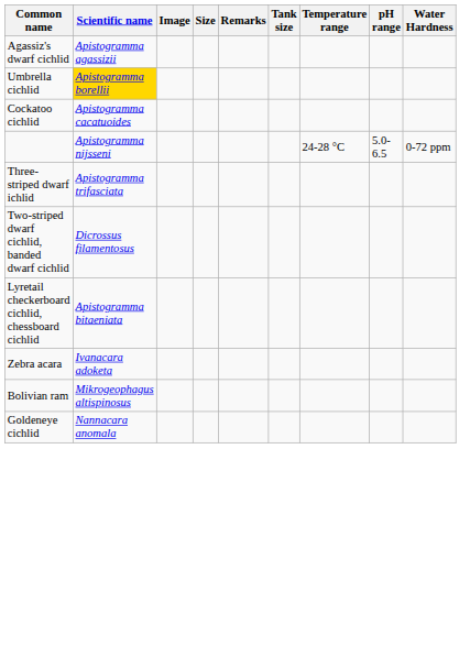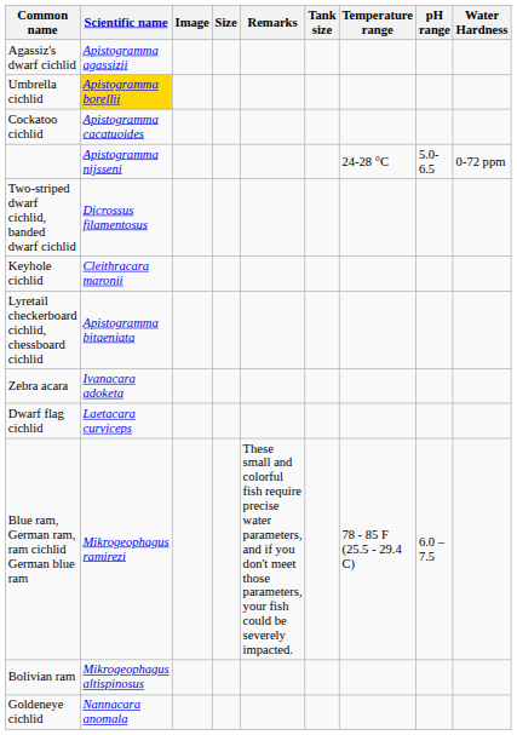 <table class="wikitable sortable">
 <tr>
 <th width="15%">Common name</th>
 <th width="15%"><a href='#'>Scientific name</a></th>
 <th width="1%">Image</th>
 <th width="5%">Size</th>
 <th width="15%">Remarks</th>
 <th>Tank size</th>
 <th class="unsortable">Temperature range</th>
 <th class="unsortable">pH range</th>
 <th>Water Hardness</th>
 </tr>
 <tr>
 <td>Agassiz's dwarf cichlid</td>
 <td><em><a href='#'>Apistogramma agassizii</a></em></td>
 <td align="center"></td>
 <td align="center"></td>
 <td></td>
 <td></td>
 <td></td>
 <td></td>
 <td></td>
 </tr>
 <tr>
 <td>Umbrella cichlid</td>
 <td style="background: gold;"><em><a href='#'>Apistogramma borellii</a></em></td>
 <td align="center"></td>
 <td align="center"></td>
 <td></td>
 <td></td>
 <td></td>
 <td></td>
 <td></td>
 </tr>
 <tr>
 <td>Cockatoo cichlid</td>
 <td><em><a href='#'>Apistogramma cacatuoides</a></em></td>
 <td align="center"></td>
 <td align="center"></td>
 <td></td>
 <td></td>
 <td></td>
 <td></td>
 <td></td>
 </tr>
 <tr>
 <td></td>
 <td><em><a href='#'>Apistogramma nijsseni</a></em></td>
 <td align="center"></td>
 <td align="center"></td>
 <td></td>
 <td></td>
 <td>24-28 °C</td>
 <td>5.0-6.5</td>
 <td>0-72 ppm</td>
 </tr>
 <tr>
-<td>Three-striped dwarf ichlid</td>
-<td><em><a href='#'>Apistogramma trifasciata</a></em></td>
+<td>Two-striped dwarf cichlid, banded dwarf cichlid</td>
+<td><em><a href='#'>Dicrossus filamentosus</a></em></td>
 <td align="center"></td>
 <td align="center"></td>
 <td></td>
 <td></td>
 <td></td>
 <td></td>
 <td></td>
 </tr>
 <tr>
-<td>Two-striped dwarf cichlid, banded dwarf cichlid</td>
-<td><em><a href='#'>Dicrossus filamentosus</a></em></td>
+<td>Keyhole cichlid</td>
+<td><em><a href='#'>Cleithracara maronii</a></em></td>
 <td align="center"></td>
 <td align="center"></td>
 <td></td>
 <td></td>
 <td></td>
 <td></td>
 <td></td>
 </tr>
 <tr>
 <td>Lyretail checkerboard cichlid, chessboard cichlid</td>
 <td><em><a href='#'>Apistogramma bitaeniata</a></em></td>
 <td align="center"></td>
 <td align="center"></td>
 <td></td>
 <td></td>
 <td></td>
 <td></td>
 <td></td>
 </tr>
 <tr>
 <td>Zebra acara</td>
 <td><em><a href='#'>Ivanacara adoketa</a></em></td>
 <td align="center"></td>
 <td align="center"></td>
 <td></td>
 <td></td>
 <td></td>
 <td></td>
 <td></td>
 </tr>
 <tr>
+<td>Dwarf flag cichlid</td>
+<td><em><a href='#'>Laetacara curviceps</a></em></td>
+<td align="center"></td>
+<td align="center"></td>
+<td></td>
+<td></td>
+<td></td>
+<td></td>
+<td></td>
+</tr>
+<tr>
+<td>Blue ram,<br>German ram,  ram cichlid German blue ram</td>
+<td><em><a href='#'>Mikrogeophagus ramirezi</a></em></td>
+<td align="center"></td>
+<td align="center"> </td>
+<td>These small and colorful fish require precise water parameters, and if you don't meet those parameters, your fish could be severely impacted.</td>
+<td></td>
+<td>78 - 85 F (25.5 - 29.4 C)</td>
+<td>6.0 – 7.5</td>
+<td></td>
+</tr>
+<tr>
 <td>Bolivian ram</td>
 <td><em><a href='#'>Mikrogeophagus altispinosus</a></em></td>
 <td align="center"></td>
 <td align="center"></td>
 <td></td>
 <td></td>
 <td></td>
 <td></td>
 <td></td>
 </tr>
 <tr>
 <td>Goldeneye cichlid</td>
 <td><em><a href='#'>Nannacara anomala</a></em></td>
 <td align="center"></td>
 <td align="center"></td>
 <td></td>
 <td></td>
 <td></td>
 <td></td>
 <td></td>
 </tr>
 </table>
